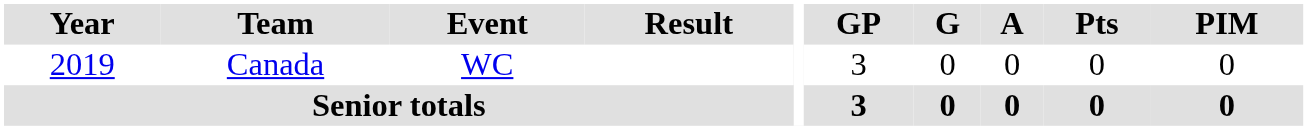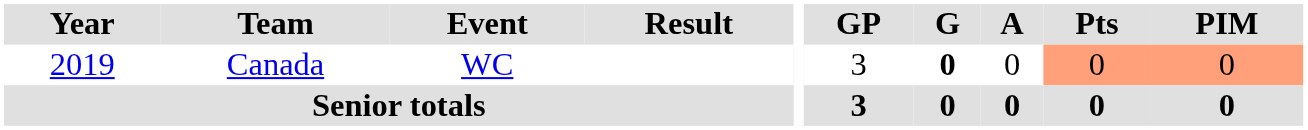 <table border="0" cellpadding="1" cellspacing="0" ID="Table3" style="text-align:center; width:40em;">
 <tr bgcolor="#e0e0e0">
 <th>Year</th>
 <th>Team</th>
 <th>Event</th>
 <th>Result</th>
 <th rowspan="101" bgcolor="#ffffff"></th>
 <th>GP</th>
 <th>G</th>
 <th>A</th>
 <th>Pts</th>
 <th>PIM</th>
 </tr>
 <tr>
 <td><a href='#'>2019</a></td>
 <td><a href='#'>Canada</a></td>
 <td><a href='#'>WC</a></td>
 <td></td>
 <td>3</td>
+<td><strong>0</strong></td>
 <td>0</td>
-<td>0</td>
-<td>0</td>
-<td>0</td>
+<td style="background: lightsalmon;">0</td>
+<td style="background: lightsalmon;">0</td>
 </tr>
 <tr bgcolor="#e0e0e0">
 <th colspan="4">Senior totals</th>
 <th>3</th>
 <th>0</th>
 <th>0</th>
 <th>0</th>
 <th>0</th>
 </tr>
 </table>
